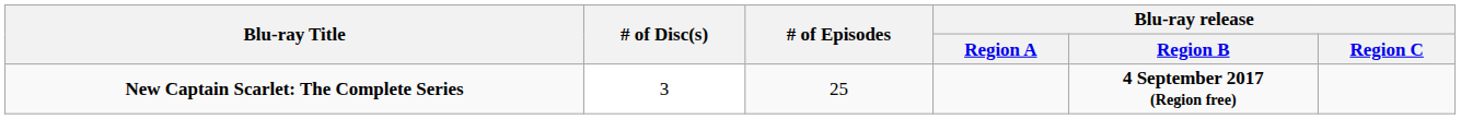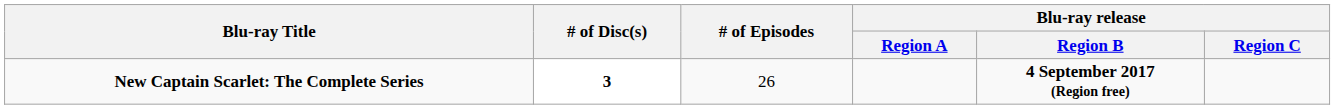 <table class="wikitable" width="99%" style="left: 0 auto; text-align: center;">
 <tr>
 <th colspan="1" rowspan="2">Blu-ray Title</th>
 <th rowspan="2"># of Disc(s)</th>
 <th rowspan="2"># of Episodes</th>
 <th colspan="3">Blu-ray release</th>
 </tr>
 <tr>
 <th><a href='#'>Region A</a></th>
 <th><a href='#'>Region B</a></th>
 <th><a href='#'>Region C</a></th>
 </tr>
 <tr>
 <td><strong>New Captain Scarlet: The Complete Series</strong></td>
-<td bgcolor="White">3</td>
-<td>25</td>
+<td bgcolor="White"><strong>3</strong></td>
+<td>26</td>
 <td></td>
 <td><strong>4 September 2017 <br><small>(Region free)</small></strong></td>
 <td></td>
 </tr>
 </table>
